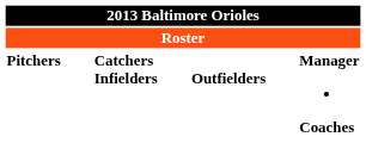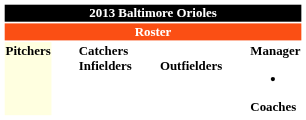 <table class="toccolours" style="font-size: 95%;">
 <tr>
 <th colspan="10" style="background:black; color:#fff; text-align:center;">2013 Baltimore Orioles</th>
 </tr>
 <tr>
 <td colspan="10" style="background:#fb4f14; color:white; text-align:center;"><strong>Roster</strong></td>
 </tr>
 <tr>
-<td valign="top"><strong>Pitchers</strong><br>                         </td>
+<td valign="top" style="background: lightyellow;"><strong>Pitchers</strong><br>                         </td>
 <td style="width:25px;"></td>
 <td valign="top"><strong>Catchers</strong><br>    <strong>Infielders</strong>            </td>
 <td style="width:25px;"></td>
 <td valign="top"><br><strong>Outfielders</strong>          </td>
 <td style="width:25px;"></td>
 <td valign="top"><strong>Manager</strong><br><ul><li></li></ul><strong>Coaches</strong>                  </td>
 </tr>
 </table>
